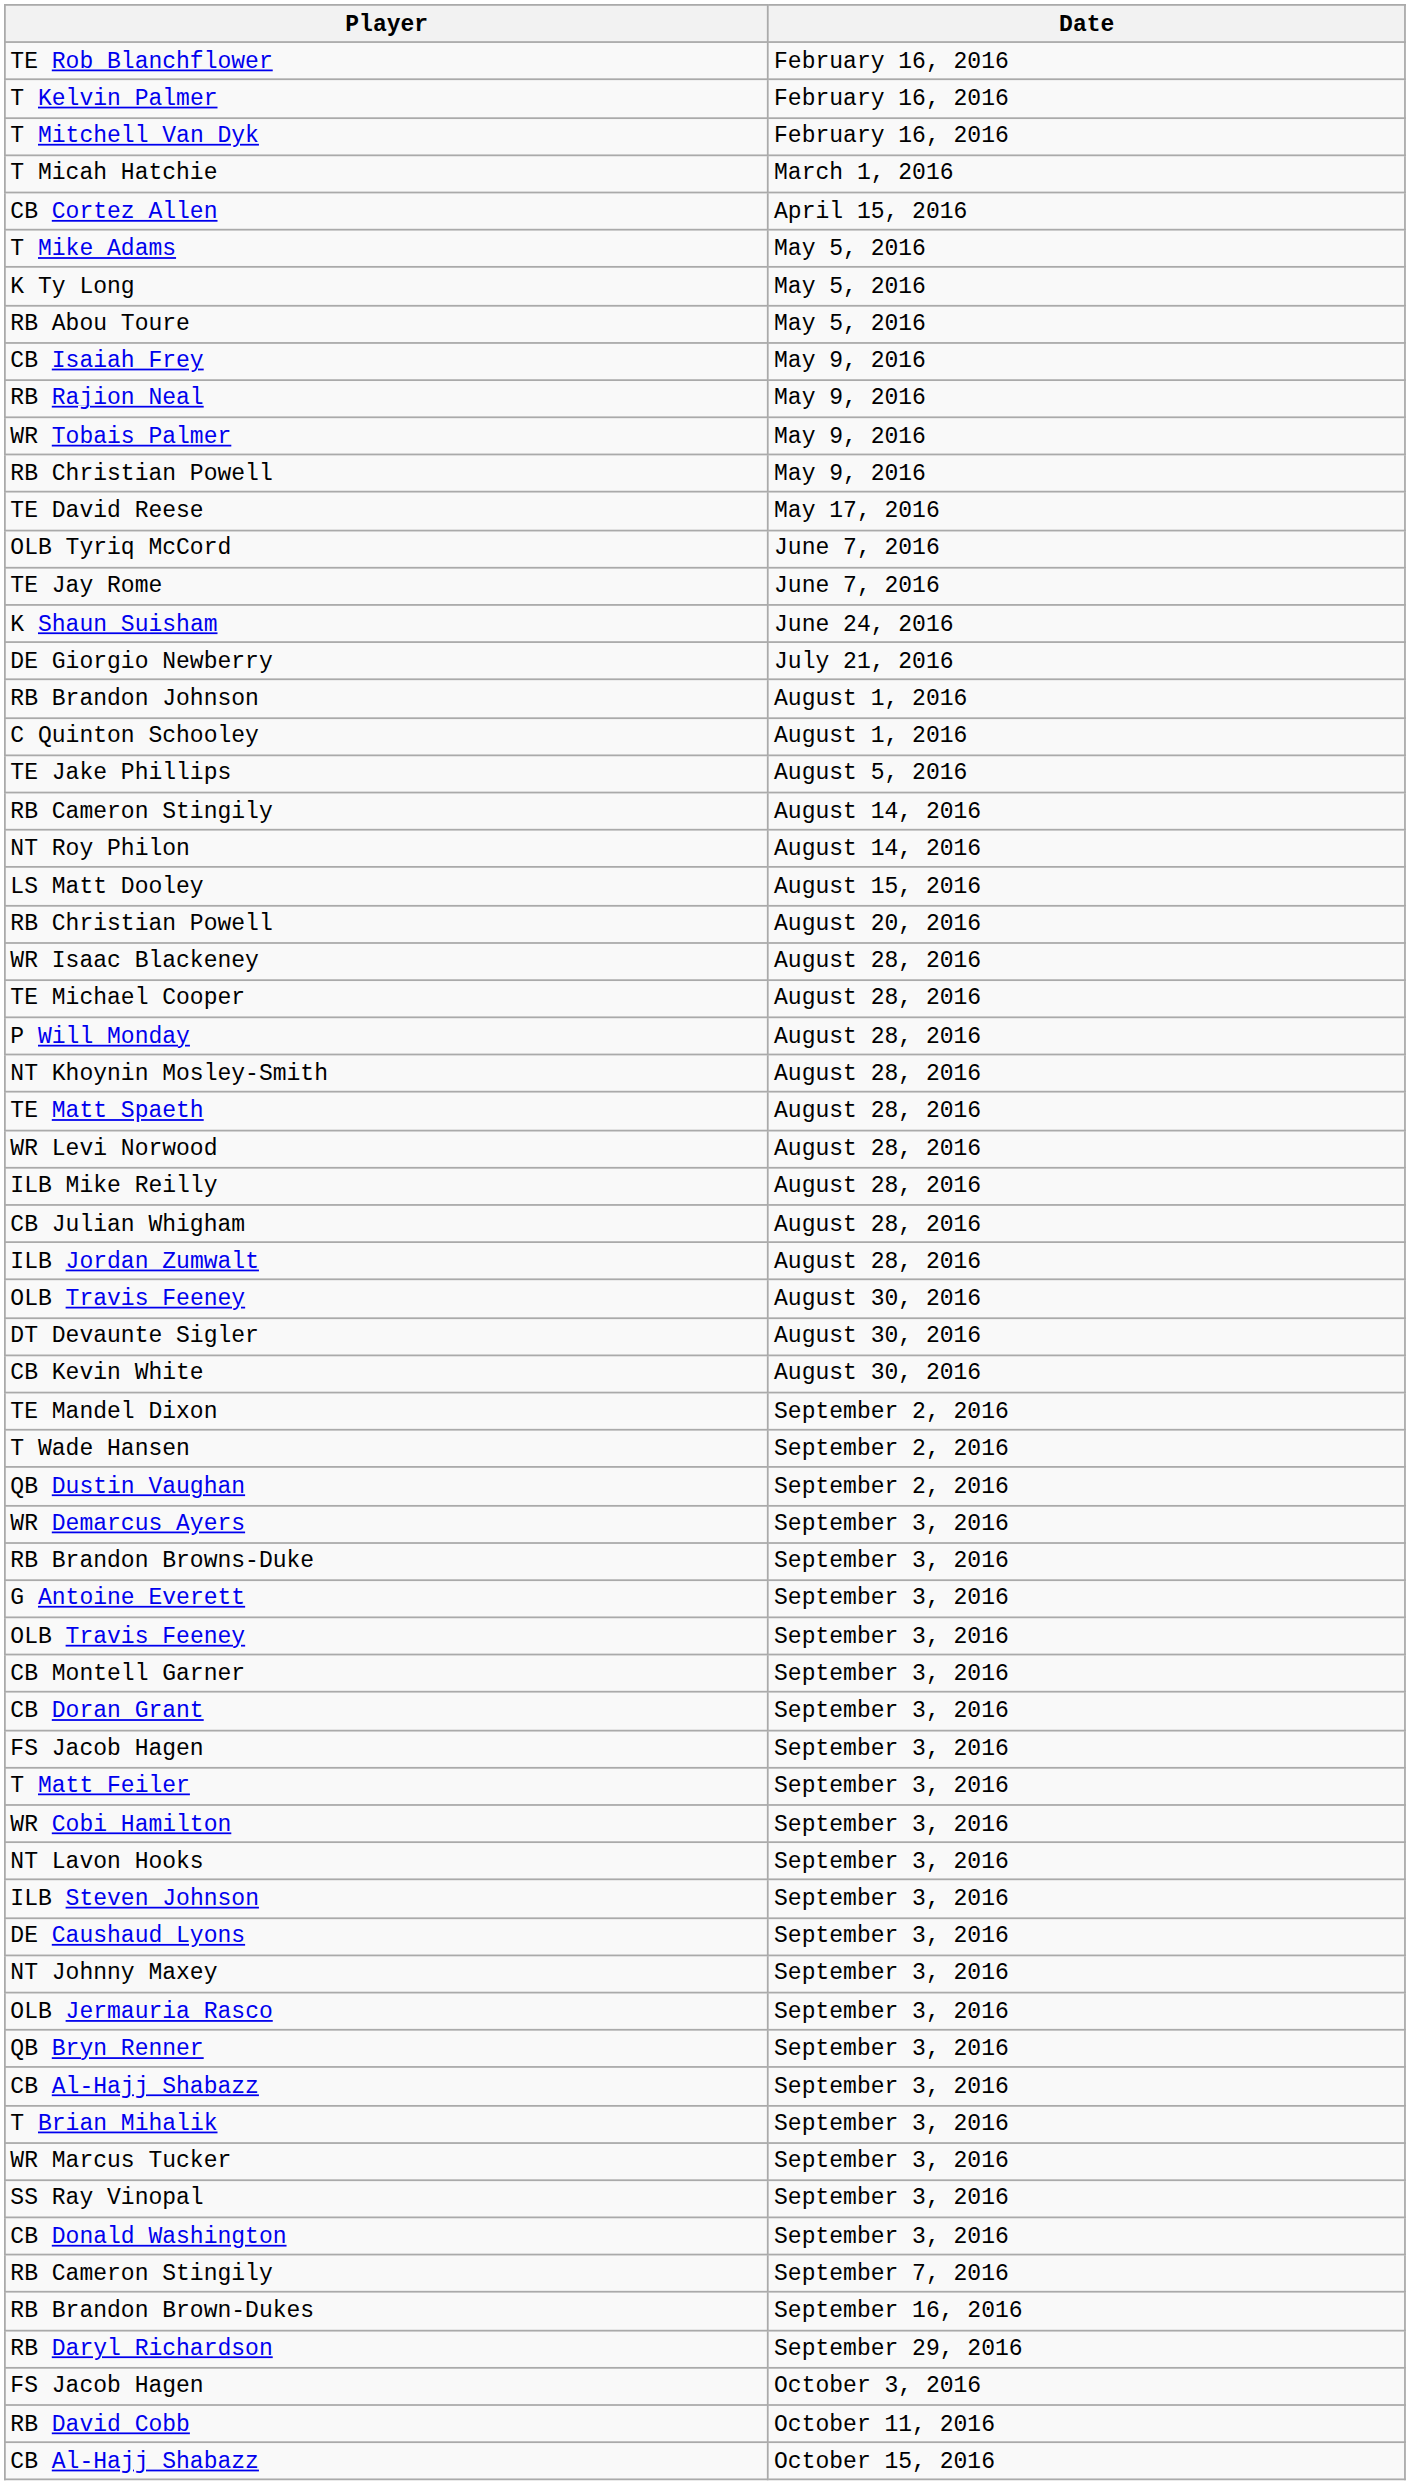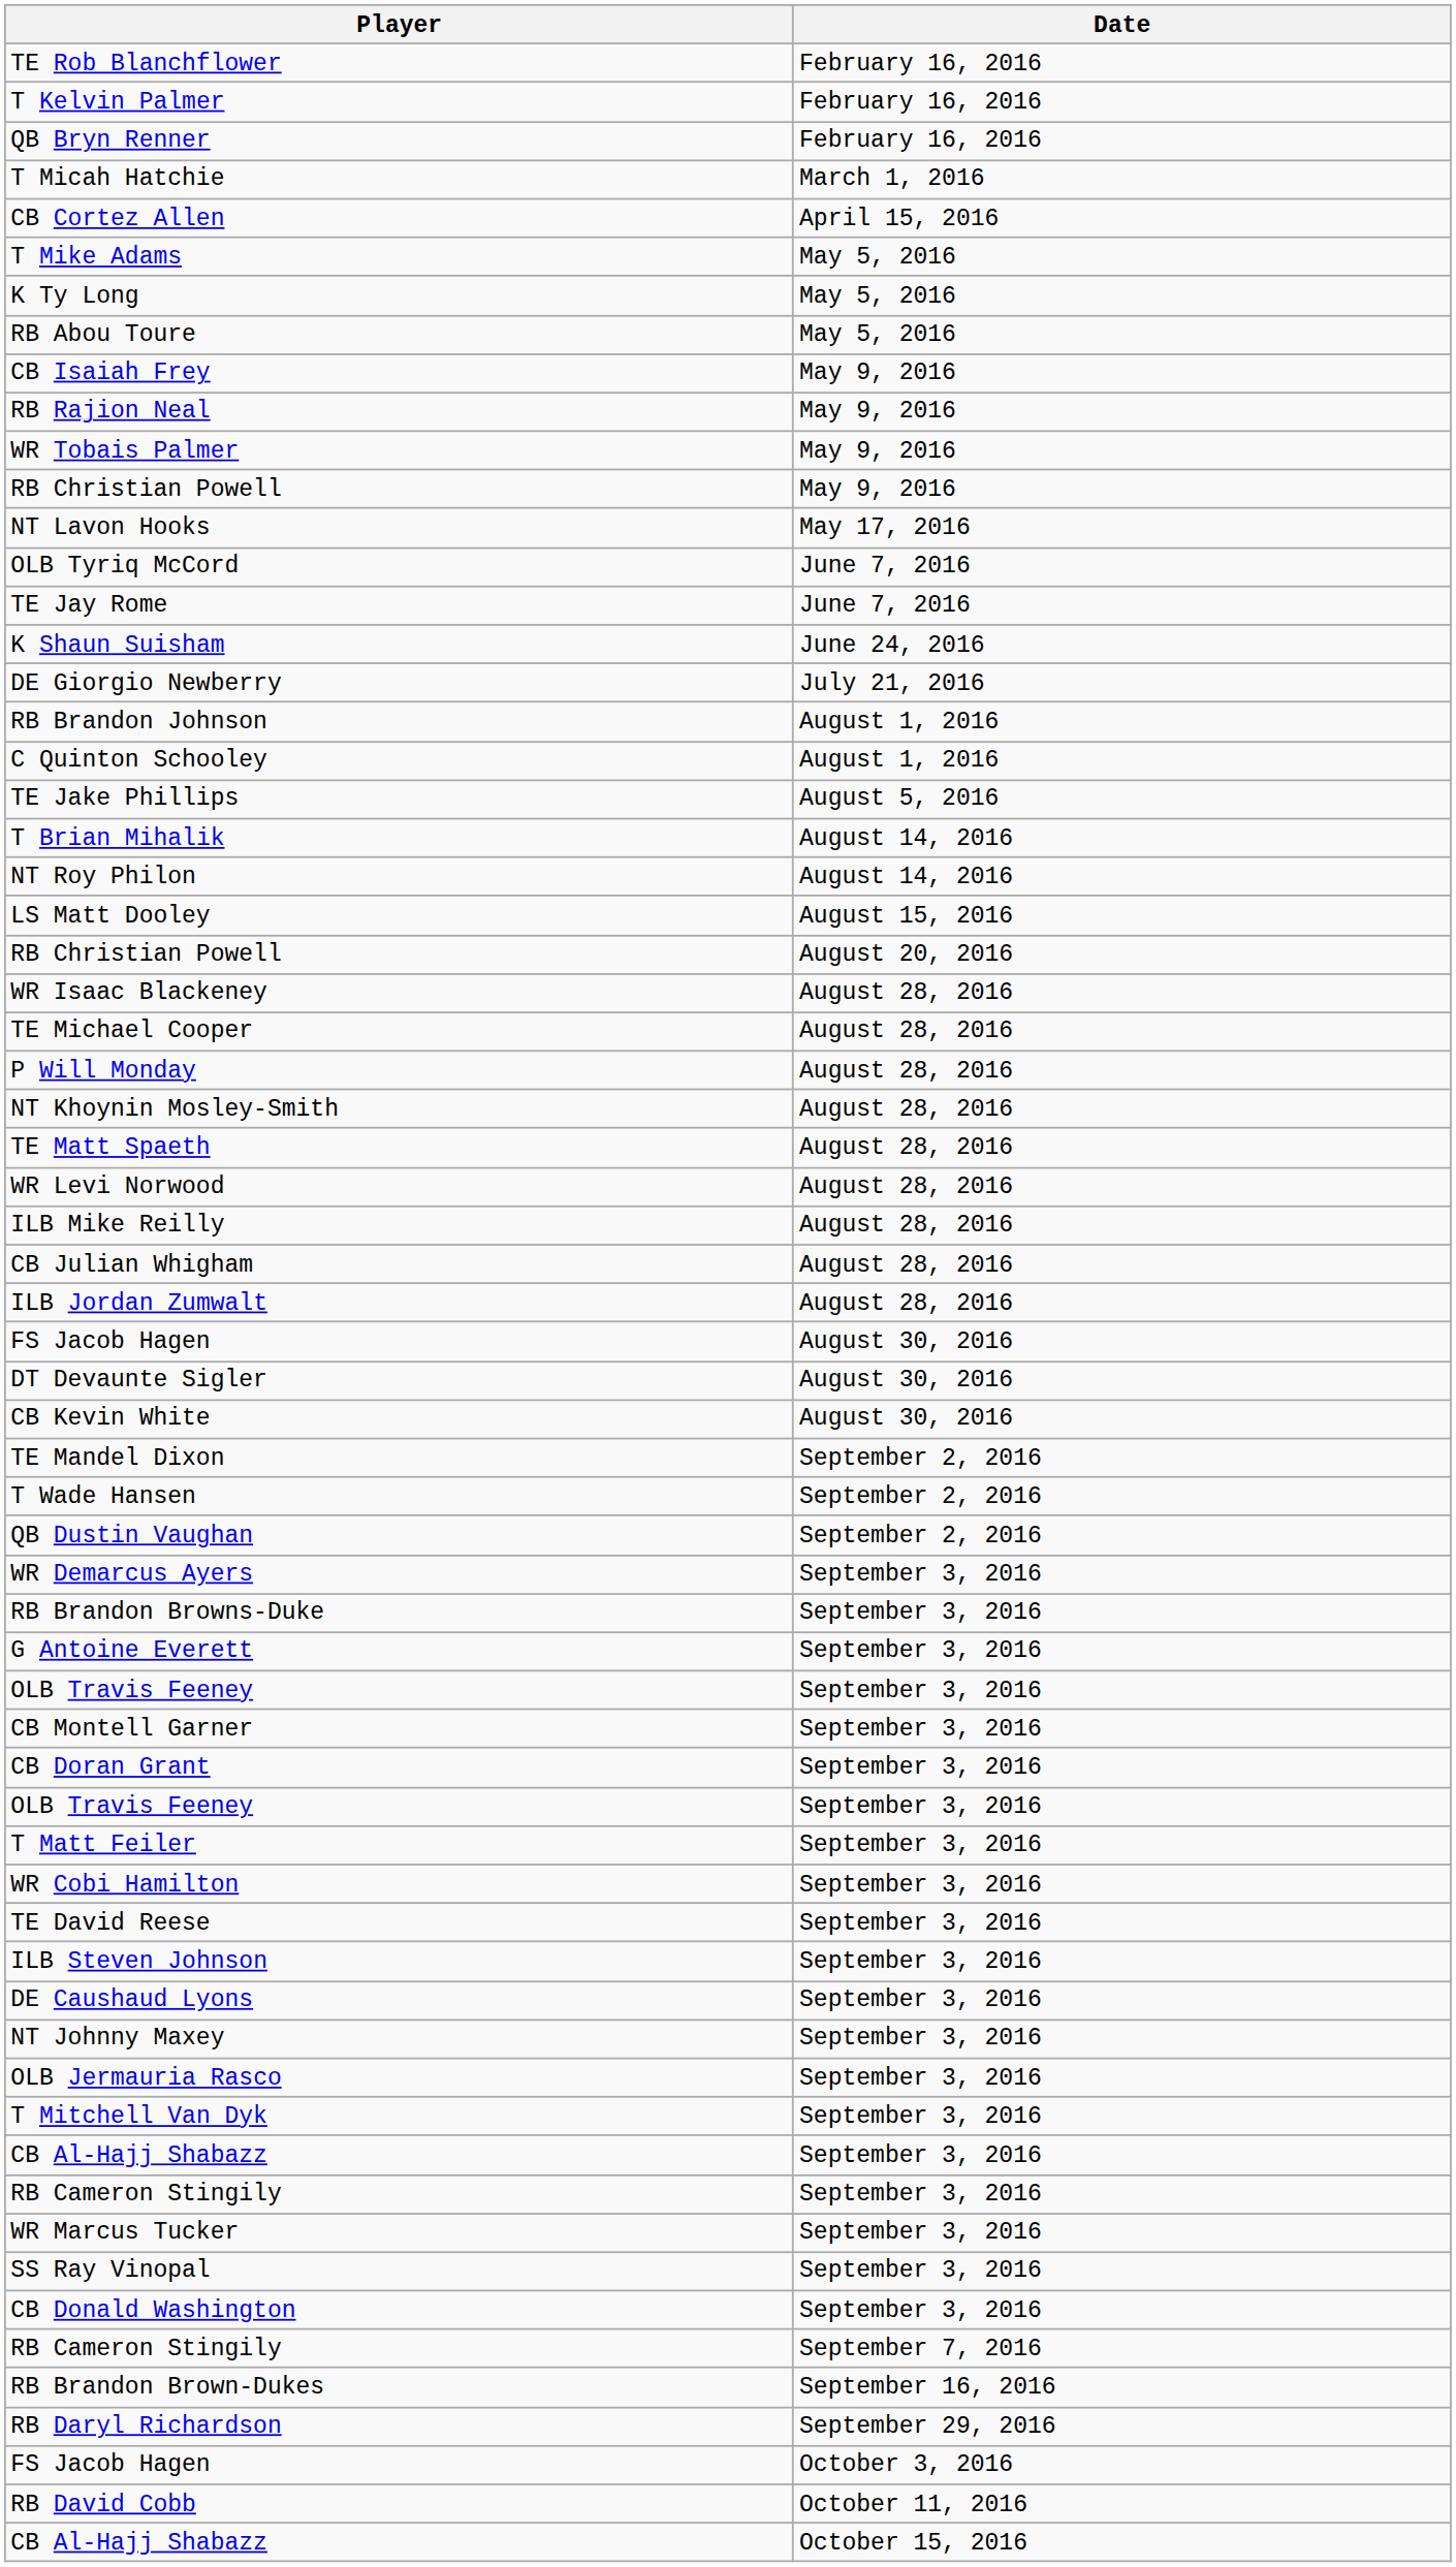 <table class="wikitable" style="width:50%;">
 <tr style="text-align:center; background:#ddd;">
 <th style="width:30%;">Player</th>
 <th style="width:25%;">Date</th>
 </tr>
 <tr>
 <td>TE <a href='#'>Rob Blanchflower</a></td>
 <td>February 16, 2016</td>
 </tr>
 <tr>
 <td>T <a href='#'>Kelvin Palmer</a></td>
 <td>February 16, 2016</td>
 </tr>
 <tr>
-<td>T <a href='#'>Mitchell Van Dyk</a></td>
+<td>QB <a href='#'>Bryn Renner</a></td>
 <td>February 16, 2016</td>
 </tr>
 <tr>
 <td>T Micah Hatchie</td>
 <td>March 1, 2016</td>
 </tr>
 <tr>
 <td>CB <a href='#'>Cortez Allen</a></td>
 <td>April 15, 2016</td>
 </tr>
 <tr>
 <td>T <a href='#'>Mike Adams</a></td>
 <td>May 5, 2016</td>
 </tr>
 <tr>
 <td>K Ty Long</td>
 <td>May 5, 2016</td>
 </tr>
 <tr>
 <td>RB Abou Toure</td>
 <td>May 5, 2016</td>
 </tr>
 <tr>
 <td>CB <a href='#'>Isaiah Frey</a></td>
 <td>May 9, 2016</td>
 </tr>
 <tr>
 <td>RB <a href='#'>Rajion Neal</a></td>
 <td>May 9, 2016</td>
 </tr>
 <tr>
 <td>WR <a href='#'>Tobais Palmer</a></td>
 <td>May 9, 2016</td>
 </tr>
 <tr>
 <td>RB Christian Powell</td>
 <td>May 9, 2016</td>
 </tr>
 <tr>
-<td>TE David Reese</td>
+<td>NT Lavon Hooks</td>
 <td>May 17, 2016</td>
 </tr>
 <tr>
 <td>OLB Tyriq McCord</td>
 <td>June 7, 2016</td>
 </tr>
 <tr>
 <td>TE Jay Rome</td>
 <td>June 7, 2016</td>
 </tr>
 <tr>
 <td>K <a href='#'>Shaun Suisham</a></td>
 <td>June 24, 2016</td>
 </tr>
 <tr>
 <td>DE Giorgio Newberry</td>
 <td>July 21, 2016</td>
 </tr>
 <tr>
 <td>RB Brandon Johnson</td>
 <td>August 1, 2016</td>
 </tr>
 <tr>
 <td>C Quinton Schooley</td>
 <td>August 1, 2016</td>
 </tr>
 <tr>
 <td>TE Jake Phillips</td>
 <td>August 5, 2016</td>
 </tr>
 <tr>
-<td>RB Cameron Stingily</td>
+<td>T <a href='#'>Brian Mihalik</a></td>
 <td>August 14, 2016</td>
 </tr>
 <tr>
 <td>NT Roy Philon</td>
 <td>August 14, 2016</td>
 </tr>
 <tr>
 <td>LS Matt Dooley</td>
 <td>August 15, 2016</td>
 </tr>
 <tr>
 <td>RB Christian Powell</td>
 <td>August 20, 2016</td>
 </tr>
 <tr>
 <td>WR Isaac Blackeney</td>
 <td>August 28, 2016</td>
 </tr>
 <tr>
 <td>TE Michael Cooper</td>
 <td>August 28, 2016</td>
 </tr>
 <tr>
 <td>P <a href='#'>Will Monday</a></td>
 <td>August 28, 2016</td>
 </tr>
 <tr>
 <td>NT Khoynin Mosley-Smith</td>
 <td>August 28, 2016</td>
 </tr>
 <tr>
 <td>TE <a href='#'>Matt Spaeth</a></td>
 <td>August 28, 2016</td>
 </tr>
 <tr>
 <td>WR Levi Norwood</td>
 <td>August 28, 2016</td>
 </tr>
 <tr>
 <td>ILB Mike Reilly</td>
 <td>August 28, 2016</td>
 </tr>
 <tr>
 <td>CB Julian Whigham</td>
 <td>August 28, 2016</td>
 </tr>
 <tr>
 <td>ILB <a href='#'>Jordan Zumwalt</a></td>
 <td>August 28, 2016</td>
 </tr>
 <tr>
-<td>OLB <a href='#'>Travis Feeney</a></td>
+<td>FS Jacob Hagen</td>
 <td>August 30, 2016</td>
 </tr>
 <tr>
 <td>DT Devaunte Sigler</td>
 <td>August 30, 2016</td>
 </tr>
 <tr>
 <td>CB Kevin White</td>
 <td>August 30, 2016</td>
 </tr>
 <tr>
 <td>TE Mandel Dixon</td>
 <td>September 2, 2016</td>
 </tr>
 <tr>
 <td>T Wade Hansen</td>
 <td>September 2, 2016</td>
 </tr>
 <tr>
 <td>QB <a href='#'>Dustin Vaughan</a></td>
 <td>September 2, 2016</td>
 </tr>
 <tr>
 <td>WR <a href='#'>Demarcus Ayers</a></td>
 <td>September 3, 2016</td>
 </tr>
 <tr>
 <td>RB Brandon Browns-Duke</td>
 <td>September 3, 2016</td>
 </tr>
 <tr>
 <td>G <a href='#'>Antoine Everett</a></td>
 <td>September 3, 2016</td>
 </tr>
 <tr>
 <td>OLB <a href='#'>Travis Feeney</a></td>
 <td>September 3, 2016</td>
 </tr>
 <tr>
 <td>CB Montell Garner</td>
 <td>September 3, 2016</td>
 </tr>
 <tr>
 <td>CB <a href='#'>Doran Grant</a></td>
 <td>September 3, 2016</td>
 </tr>
 <tr>
-<td>FS Jacob Hagen</td>
+<td>OLB <a href='#'>Travis Feeney</a></td>
 <td>September 3, 2016</td>
 </tr>
 <tr>
 <td>T <a href='#'>Matt Feiler</a></td>
 <td>September 3, 2016</td>
 </tr>
 <tr>
 <td>WR <a href='#'>Cobi Hamilton</a></td>
 <td>September 3, 2016</td>
 </tr>
 <tr>
-<td>NT Lavon Hooks</td>
+<td>TE David Reese</td>
 <td>September 3, 2016</td>
 </tr>
 <tr>
 <td>ILB <a href='#'>Steven Johnson</a></td>
 <td>September 3, 2016</td>
 </tr>
 <tr>
 <td>DE <a href='#'>Caushaud Lyons</a></td>
 <td>September 3, 2016</td>
 </tr>
 <tr>
 <td>NT Johnny Maxey</td>
 <td>September 3, 2016</td>
 </tr>
 <tr>
 <td>OLB <a href='#'>Jermauria Rasco</a></td>
 <td>September 3, 2016</td>
 </tr>
 <tr>
-<td>QB <a href='#'>Bryn Renner</a></td>
+<td>T <a href='#'>Mitchell Van Dyk</a></td>
 <td>September 3, 2016</td>
 </tr>
 <tr>
 <td>CB <a href='#'>Al-Hajj Shabazz</a></td>
 <td>September 3, 2016</td>
 </tr>
 <tr>
-<td>T <a href='#'>Brian Mihalik</a></td>
+<td>RB Cameron Stingily</td>
 <td>September 3, 2016</td>
 </tr>
 <tr>
 <td>WR Marcus Tucker</td>
 <td>September 3, 2016</td>
 </tr>
 <tr>
 <td>SS Ray Vinopal</td>
 <td>September 3, 2016</td>
 </tr>
 <tr>
 <td>CB <a href='#'>Donald Washington</a></td>
 <td>September 3, 2016</td>
 </tr>
 <tr>
 <td>RB Cameron Stingily</td>
 <td>September 7, 2016</td>
 </tr>
 <tr>
 <td>RB Brandon Brown-Dukes</td>
 <td>September 16, 2016</td>
 </tr>
 <tr>
 <td>RB <a href='#'>Daryl Richardson</a></td>
 <td>September 29, 2016</td>
 </tr>
 <tr>
 <td>FS Jacob Hagen</td>
 <td>October 3, 2016</td>
 </tr>
 <tr>
 <td>RB <a href='#'>David Cobb</a></td>
 <td>October 11, 2016</td>
 </tr>
 <tr>
 <td>CB <a href='#'>Al-Hajj Shabazz</a></td>
 <td>October 15, 2016</td>
 </tr>
 </table>
